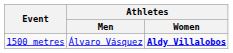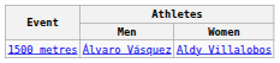 <table class=wikitable style="font-size:90%">
 <tr>
 <th rowspan=2>Event</th>
 <th colspan=2>Athletes</th>
 </tr>
 <tr>
 <th>Men</th>
 <th>Women</th>
 </tr>
 <tr>
 <td><a href='#'>1500 metres</a></td>
 <td><a href='#'>Álvaro Vásquez</a></td>
-<td><strong><a href='#'>Aldy Villalobos</a></strong></td>
+<td><a href='#'>Aldy Villalobos</a></td>
 </tr>
 </table>
